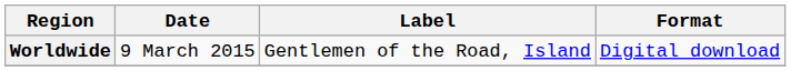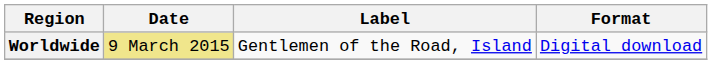 <table class="wikitable sortable plainrowheaders">
 <tr>
 <th scope="col">Region</th>
 <th scope="col">Date</th>
 <th scope="col">Label</th>
 <th scope="col">Format</th>
 </tr>
 <tr>
 <th scope="row">Worldwide</th>
-<td rowspan="1">9 March 2015</td>
+<td rowspan="1" style="background: khaki;">9 March 2015</td>
 <td rowspan="1">Gentlemen of the Road, <a href='#'>Island</a></td>
 <td rowspan="1"><a href='#'>Digital download</a></td>
 </tr>
 <tr>
 </tr>
 </table>
